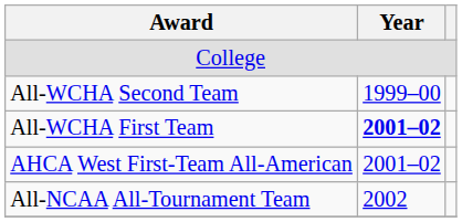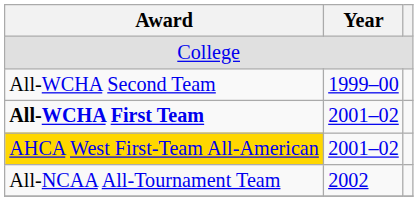 <table class="wikitable">
 <tr>
 <th>Award</th>
 <th>Year</th>
 <th></th>
 </tr>
 <tr ALIGN="center" bgcolor="#e0e0e0">
 <td colspan="3"><a href='#'>College</a></td>
 </tr>
 <tr>
 <td>All-<a href='#'>WCHA</a> <a href='#'>Second Team</a></td>
 <td><a href='#'>1999–00</a></td>
 <td></td>
 </tr>
 <tr>
-<td>All-<a href='#'>WCHA</a> <a href='#'>First Team</a></td>
-<td><strong><a href='#'>2001–02</a></strong></td>
+<td><strong>All-<a href='#'>WCHA</a> <a href='#'>First Team</a></strong></td>
+<td><a href='#'>2001–02</a></td>
 <td></td>
 </tr>
 <tr>
-<td><a href='#'>AHCA</a> <a href='#'>West First-Team All-American</a></td>
+<td style="background: gold;"><a href='#'>AHCA</a> <a href='#'>West First-Team All-American</a></td>
 <td><a href='#'>2001–02</a></td>
 <td></td>
 </tr>
 <tr>
 <td>All-<a href='#'>NCAA</a> <a href='#'>All-Tournament Team</a></td>
 <td><a href='#'>2002</a></td>
 <td></td>
 </tr>
 <tr>
 </tr>
 </table>
